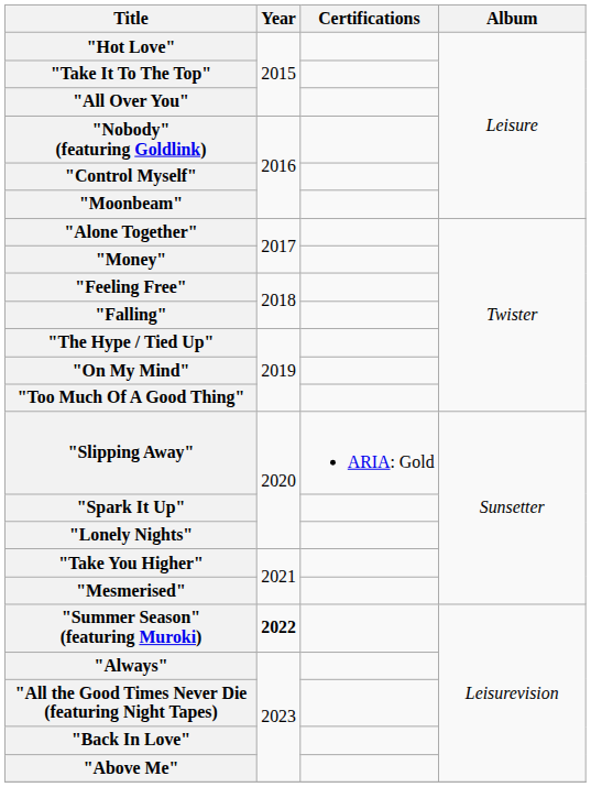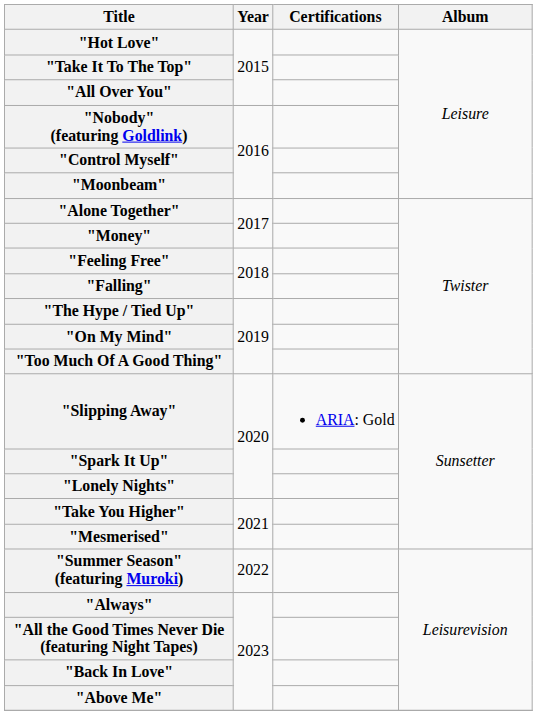 <table class="wikitable plainrowheaders" style="text-align:center;">
 <tr>
 <th scope="col" style="width:14em;">Title</th>
 <th scope="col" style="width:1em;">Year</th>
 <th scope="col">Certifications</th>
 <th scope="col" style="width:8em;">Album</th>
 </tr>
 <tr>
 <th scope="row">"Hot Love"</th>
 <td rowspan="3">2015</td>
 <td></td>
 <td rowspan="6"><em>Leisure</em></td>
 </tr>
 <tr>
 <th scope="row">"Take It To The Top"</th>
 <td></td>
 </tr>
 <tr>
 <th scope="row">"All Over You"</th>
 <td></td>
 </tr>
 <tr>
 <th scope="row">"Nobody" <br><span>(featuring <a href='#'>Goldlink</a>)</span></th>
 <td rowspan="3">2016</td>
 <td></td>
 </tr>
 <tr>
 <th scope="row">"Control Myself"</th>
 <td></td>
 </tr>
 <tr>
 <th scope="row">"Moonbeam"</th>
 <td></td>
 </tr>
 <tr>
 <th scope="row">"Alone Together"</th>
 <td rowspan="2">2017</td>
 <td></td>
 <td rowspan="7"><em>Twister</em></td>
 </tr>
 <tr>
 <th scope="row">"Money"</th>
 <td></td>
 </tr>
 <tr>
 <th scope="row">"Feeling Free"</th>
 <td rowspan="2">2018</td>
 <td></td>
 </tr>
 <tr>
 <th scope="row">"Falling"</th>
 <td></td>
 </tr>
 <tr>
 <th scope="row">"The Hype / Tied Up"</th>
 <td rowspan="3">2019</td>
 <td></td>
 </tr>
 <tr>
 <th scope="row">"On My Mind"</th>
 <td></td>
 </tr>
 <tr>
 <th scope="row">"Too Much Of A Good Thing"</th>
 <td></td>
 </tr>
 <tr>
 <th scope="row">"Slipping Away"</th>
 <td rowspan="3">2020</td>
 <td><br><ul><li><a href='#'>ARIA</a>: Gold</li></ul></td>
 <td rowspan="5"><em>Sunsetter</em></td>
 </tr>
 <tr>
 <th scope="row">"Spark It Up"</th>
 <td></td>
 </tr>
 <tr>
 <th scope="row">"Lonely Nights"</th>
 <td></td>
 </tr>
 <tr>
 <th scope="row">"Take You Higher"</th>
 <td rowspan="2">2021</td>
 <td></td>
 </tr>
 <tr>
 <th scope="row">"Mesmerised"</th>
 <td></td>
 </tr>
 <tr>
 <th scope="row">"Summer Season" <br><span>(featuring <a href='#'>Muroki</a>)</span></th>
-<td rowspan="1"><strong>2022</strong></td>
+<td rowspan="1">2022</td>
 <td></td>
 <td rowspan="5"><em>Leisurevision</em></td>
 </tr>
 <tr>
 <th scope="row">"Always"</th>
 <td rowspan="4">2023</td>
 <td></td>
 </tr>
 <tr>
 <th scope="row">"All the Good Times Never Die <br><span>(featuring Night Tapes)</span></th>
 <td></td>
 </tr>
 <tr>
 <th scope="row">"Back In Love"</th>
 <td></td>
 </tr>
 <tr>
 <th scope="row">"Above Me"</th>
 <td></td>
 </tr>
 <tr>
 </tr>
 </table>
